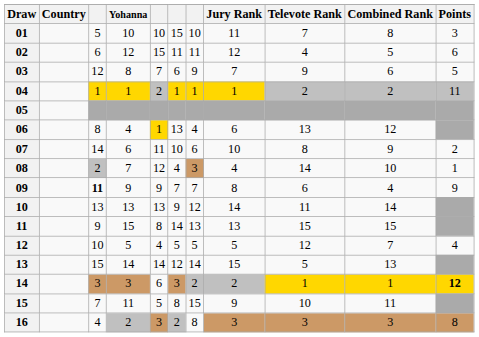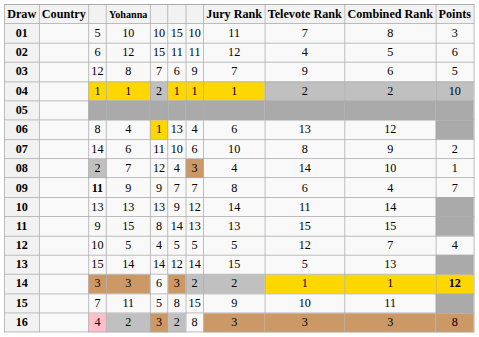 <table class="sortable wikitable collapsible plainrowheaders" style="text-align:center;">
 <tr>
 </tr>
 <tr>
 <th scope="col">Draw</th>
 <th scope="col">Country</th>
 <th scope="col"><small></small></th>
 <th scope="col"><small>Yohanna</small></th>
 <th scope="col"><small></small></th>
 <th scope="col"><small></small></th>
 <th scope="col"><small></small></th>
 <th scope="col">Jury Rank</th>
 <th scope="col">Televote Rank</th>
 <th scope="col">Combined Rank</th>
 <th scope="col">Points</th>
 </tr>
 <tr>
 <th scope="row" style="text-align:center;">01</th>
 <td style="text-align:left;"></td>
 <td>5</td>
 <td>10</td>
 <td>10</td>
 <td>15</td>
 <td>10</td>
 <td>11</td>
 <td>7</td>
 <td>8</td>
 <td>3</td>
 </tr>
 <tr>
 <th scope="row" style="text-align:center;">02</th>
 <td style="text-align:left;"></td>
 <td>6</td>
 <td>12</td>
 <td>15</td>
 <td>11</td>
 <td>11</td>
 <td>12</td>
 <td>4</td>
 <td>5</td>
 <td>6</td>
 </tr>
 <tr>
 <th scope="row" style="text-align:center;">03</th>
 <td style="text-align:left;"></td>
 <td>12</td>
 <td>8</td>
 <td>7</td>
 <td>6</td>
 <td>9</td>
 <td>7</td>
 <td>9</td>
 <td>6</td>
 <td>5</td>
 </tr>
 <tr>
 <th scope="row" style="text-align:center;">04</th>
 <td style="text-align:left;"></td>
 <td style="background:gold;">1</td>
 <td style="background:gold;">1</td>
 <td style="background:silver;">2</td>
 <td style="background:gold;">1</td>
 <td style="background:gold;">1</td>
 <td style="background:gold;">1</td>
 <td style="background:silver;">2</td>
 <td style="background:silver;">2</td>
-<td style="background:silver;">11</td>
+<td style="background:silver;">10</td>
 </tr>
 <tr class="sortbottom">
 <th scope="row" style="text-align:center;">05</th>
 <td style="text-align:left;"></td>
 <td style="background:#AAAAAA;"></td>
 <td style="background:#AAAAAA;"></td>
 <td style="background:#AAAAAA;"></td>
 <td style="background:#AAAAAA;"></td>
 <td style="background:#AAAAAA;"></td>
 <td style="background:#AAAAAA;"></td>
 <td style="background:#AAAAAA;"></td>
 <td style="background:#AAAAAA;"></td>
 <td style="background:#AAAAAA;"></td>
 </tr>
 <tr>
 <th scope="row" style="text-align:center;">06</th>
 <td style="text-align:left;"></td>
 <td>8</td>
 <td>4</td>
 <td style="background:gold;">1</td>
 <td>13</td>
 <td>4</td>
 <td>6</td>
 <td>13</td>
 <td>12</td>
 <td style="background:#AAAAAA;"></td>
 </tr>
 <tr>
 <th scope="row" style="text-align:center;">07</th>
 <td style="text-align:left;"></td>
 <td>14</td>
 <td>6</td>
 <td>11</td>
 <td>10</td>
 <td>6</td>
 <td>10</td>
 <td>8</td>
 <td>9</td>
 <td>2</td>
 </tr>
 <tr>
 <th scope="row" style="text-align:center;">08</th>
 <td style="text-align:left;"></td>
 <td style="background:silver;">2</td>
 <td>7</td>
 <td>12</td>
 <td>4</td>
 <td style="background:#CC9966;">3</td>
 <td>4</td>
 <td>14</td>
 <td>10</td>
 <td>1</td>
 </tr>
 <tr>
 <th scope="row" style="text-align:center;">09</th>
 <td style="text-align:left;"></td>
 <td><strong>11</strong></td>
 <td>9</td>
 <td>9</td>
 <td>7</td>
 <td>7</td>
 <td>8</td>
 <td>6</td>
 <td>4</td>
-<td>9</td>
+<td>7</td>
 </tr>
 <tr>
 <th scope="row" style="text-align:center;">10</th>
 <td style="text-align:left;"></td>
 <td>13</td>
 <td>13</td>
 <td>13</td>
 <td>9</td>
 <td>12</td>
 <td>14</td>
 <td>11</td>
 <td>14</td>
 <td style="background:#AAAAAA;"></td>
 </tr>
 <tr>
 <th scope="row" style="text-align:center;">11</th>
 <td style="text-align:left;"></td>
 <td>9</td>
 <td>15</td>
 <td>8</td>
 <td>14</td>
 <td>13</td>
 <td>13</td>
 <td>15</td>
 <td>15</td>
 <td style="background:#AAAAAA;"></td>
 </tr>
 <tr>
 <th scope="row" style="text-align:center;">12</th>
 <td style="text-align:left;"></td>
 <td>10</td>
 <td>5</td>
 <td>4</td>
 <td>5</td>
 <td>5</td>
 <td>5</td>
 <td>12</td>
 <td>7</td>
 <td>4</td>
 </tr>
 <tr>
 <th scope="row" style="text-align:center;">13</th>
 <td style="text-align:left;"></td>
 <td>15</td>
 <td>14</td>
 <td>14</td>
 <td>12</td>
 <td>14</td>
 <td>15</td>
 <td>5</td>
 <td>13</td>
 <td style="background:#AAAAAA;"></td>
 </tr>
 <tr>
 <th scope="row" style="text-align:center;">14</th>
 <td style="text-align:left;"></td>
 <td style="background:#CC9966;">3</td>
 <td style="background:#CC9966;">3</td>
 <td>6</td>
 <td style="background:#CC9966;">3</td>
 <td style="background:silver;">2</td>
 <td style="background:silver;">2</td>
 <td style="background:gold;">1</td>
 <td style="background:gold;">1</td>
 <td style="background:gold;"><strong>12</strong></td>
 </tr>
 <tr>
 <th scope="row" style="text-align:center;">15</th>
 <td style="text-align:left;"></td>
 <td>7</td>
 <td>11</td>
 <td>5</td>
 <td>8</td>
 <td>15</td>
 <td>9</td>
 <td>10</td>
 <td>11</td>
 <td style="background:#AAAAAA;"></td>
 </tr>
 <tr>
 <th scope="row" style="text-align:center;">16</th>
 <td style="text-align:left;"></td>
-<td>4</td>
+<td style="background: pink;">4</td>
 <td style="background:silver;">2</td>
 <td style="background:#CC9966;">3</td>
 <td style="background:silver;">2</td>
 <td>8</td>
 <td style="background:#CC9966;">3</td>
 <td style="background:#CC9966;">3</td>
 <td style="background:#CC9966;">3</td>
 <td style="background:#CC9966;">8</td>
 </tr>
 </table>
